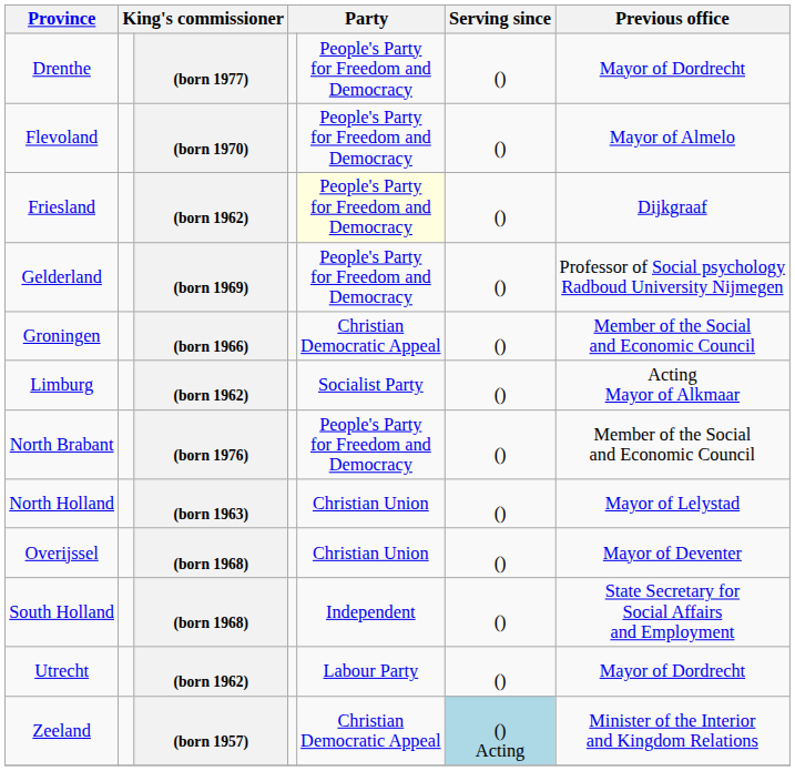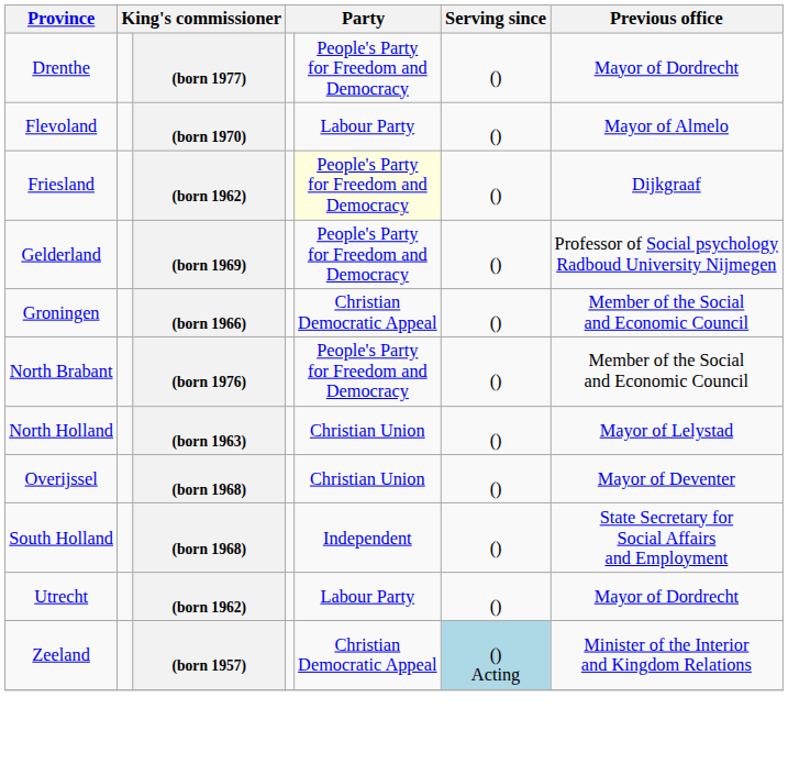 <table class="sortable wikitable plainrowheaders" style="text-align:center;">
 <tr>
 <th scope="col"><a href='#'>Province</a></th>
 <th scope="col" colspan="2">King's commissioner</th>
 <th scope="col" colspan="2">Party</th>
 <th scope="col">Serving since</th>
 <th scope="col">Previous office</th>
 </tr>
 <tr>
 <td><a href='#'>Drenthe</a></td>
 <td></td>
 <th scope="row"> <br> <small>(born 1977)</small></th>
 <td style="background:"></td>
 <td><a href='#'>People's Party <br> for Freedom and <br> Democracy</a></td>
 <td> <br> ()</td>
 <td><a href='#'>Mayor of Dordrecht</a></td>
 </tr>
 <tr>
 <td><a href='#'>Flevoland</a></td>
 <td></td>
 <th scope="row"><br> <small>(born 1970)</small></th>
 <td style="background:"></td>
-<td><a href='#'>People's Party <br> for Freedom and <br> Democracy</a></td>
+<td><a href='#'>Labour Party</a></td>
 <td> <br> ()</td>
 <td><a href='#'>Mayor of Almelo</a></td>
 </tr>
 <tr>
 <td><a href='#'>Friesland</a></td>
 <td></td>
 <th scope="row"> <br> <small>(born 1962)</small></th>
 <td style="background:"></td>
 <td style="background: lightyellow;"><a href='#'>People's Party <br> for Freedom and <br> Democracy</a></td>
 <td> <br> ()</td>
 <td><a href='#'>Dijkgraaf</a></td>
 </tr>
 <tr>
 <td><a href='#'>Gelderland</a></td>
 <td></td>
 <th scope="row"> <br> <small>(born 1969)</small></th>
 <td style="background:"></td>
 <td><a href='#'>People's Party <br> for Freedom and <br> Democracy</a></td>
 <td> <br> () <br></td>
 <td>Professor of <a href='#'>Social psychology</a> <br> <a href='#'>Radboud University Nijmegen</a></td>
 </tr>
 <tr>
 <td><a href='#'>Groningen</a></td>
 <td></td>
 <th scope="row"> <br> <small>(born 1966)</small></th>
 <td style="background:"></td>
 <td><a href='#'>Christian <br> Democratic Appeal</a></td>
 <td> <br> ()</td>
 <td><a href='#'>Member of the Social <br> and Economic Council</a></td>
-</tr>
-<tr>
-<td><a href='#'>Limburg</a></td>
-<td></td>
-<th scope="row"> <br> <small>(born 1962)</small></th>
-<td style="background:"></td>
-<td><a href='#'>Socialist Party</a></td>
-<td> <br> ()</td>
-<td>Acting <br> <a href='#'>Mayor of Alkmaar</a></td>
 </tr>
 <tr>
 <td><a href='#'>North Brabant</a></td>
 <td></td>
 <th scope="row"> <br> <small>(born 1976)</small></th>
 <td style="background:"></td>
 <td><a href='#'>People's Party <br> for Freedom and <br> Democracy</a></td>
 <td> <br> ()</td>
 <td>Member of the Social <br> and Economic Council</td>
 </tr>
 <tr>
 <td><a href='#'>North Holland</a></td>
 <td></td>
 <th scope="row"> <br> <small>(born 1963)</small></th>
 <td style="background:"></td>
 <td><a href='#'>Christian Union</a></td>
 <td> <br> ()</td>
 <td><a href='#'>Mayor of Lelystad</a></td>
 </tr>
 <tr>
 <td><a href='#'>Overijssel</a></td>
 <td></td>
 <th scope="row"> <br> <small>(born 1968)</small></th>
 <td style="background:"></td>
 <td><a href='#'>Christian Union</a></td>
 <td> <br> ()</td>
 <td><a href='#'>Mayor of Deventer</a></td>
 </tr>
 <tr>
 <td><a href='#'>South Holland</a></td>
 <td></td>
 <th scope="row"> <br> <small>(born 1968)</small></th>
 <td style="background:"></td>
 <td><a href='#'>Independent</a></td>
 <td> <br> ()</td>
 <td><a href='#'>State Secretary for <br> Social Affairs <br> and Employment</a></td>
 </tr>
 <tr>
 <td><a href='#'>Utrecht</a></td>
 <td></td>
 <th scope="row"> <br> <small>(born 1962)</small></th>
 <td style="background:"></td>
 <td><a href='#'>Labour Party</a></td>
 <td> <br> ()</td>
 <td><a href='#'>Mayor of Dordrecht</a></td>
 </tr>
 <tr>
 <td><a href='#'>Zeeland</a></td>
 <td></td>
 <th scope="row"> <br> <small>(born 1957)</small></th>
 <td style="background:"></td>
 <td><a href='#'>Christian <br> Democratic Appeal</a></td>
 <td style="background: lightblue;"> <br> () <br> Acting</td>
 <td><a href='#'>Minister of the Interior</a> <br> <a href='#'>and Kingdom Relations</a></td>
 </tr>
 <tr>
 </tr>
 </table>
